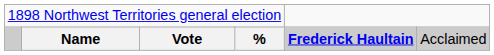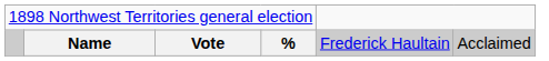 <table class="wikitable">
 <tr>
 <td colspan=4 align=center><a href='#'>1898 Northwest Territories general election</a></td>
 </tr>
 <tr bgcolor="CCCCCC">
 <td></td>
 <th>Name</th>
 <th>Vote</th>
 <th>%<br></th>
-<td><strong><a href='#'>Frederick Haultain</a></strong></td>
+<td><a href='#'>Frederick Haultain</a></td>
 <td colspan="2" align=center>Acclaimed</td>
 </tr>
 </table>
